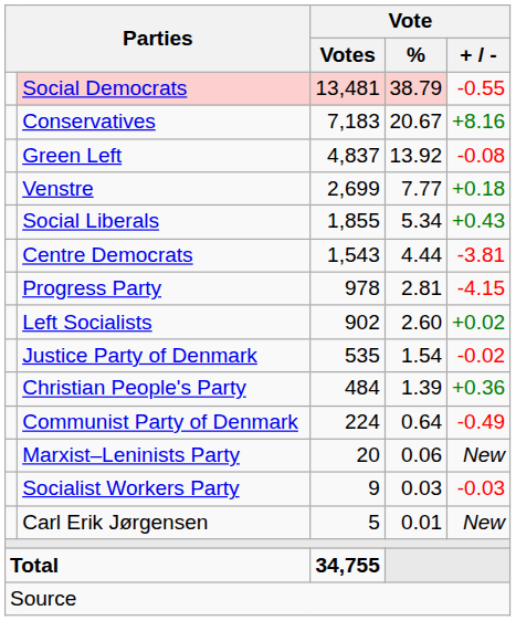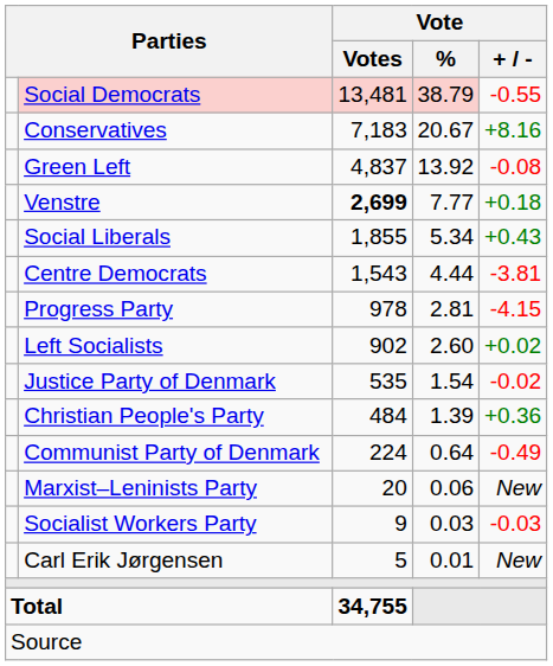 <table class="wikitable" style="text-align:right;">
 <tr>
 <th style="text-align:centre;" rowspan="2" colspan="2" width="225">Parties</th>
 <th colspan="3">Vote</th>
 </tr>
 <tr>
 <th width="15">Votes</th>
 <th width="15">%</th>
 <th width="15">+ / -</th>
 </tr>
 <tr>
 <td width="2" style="color:inherit;background:"></td>
 <td bgcolor=#fbd0ce  align="left"><a href='#'>Social Democrats</a></td>
 <td bgcolor=#fbd0ce>13,481</td>
 <td bgcolor=#fbd0ce>38.79</td>
 <td style=color:red;>-0.55</td>
 </tr>
 <tr>
 <td width="2" style="color:inherit;background:"></td>
 <td align="left"><a href='#'>Conservatives</a></td>
 <td>7,183</td>
 <td>20.67</td>
 <td style=color:green;>+8.16</td>
 </tr>
 <tr>
 <td width="2" style="color:inherit;background:"></td>
 <td align="left"><a href='#'>Green Left</a></td>
 <td>4,837</td>
 <td>13.92</td>
 <td style=color:red;>-0.08</td>
 </tr>
 <tr>
 <td width="2" style="color:inherit;background:"></td>
 <td align="left"><a href='#'>Venstre</a></td>
-<td>2,699</td>
+<td><strong>2,699</strong></td>
 <td>7.77</td>
 <td style=color:green;>+0.18</td>
 </tr>
 <tr>
 <td width="2" style="color:inherit;background:"></td>
 <td align="left"><a href='#'>Social Liberals</a></td>
 <td>1,855</td>
 <td>5.34</td>
 <td style=color:green;>+0.43</td>
 </tr>
 <tr>
 <td width="2" style="color:inherit;background:"></td>
 <td align="left"><a href='#'>Centre Democrats</a></td>
 <td>1,543</td>
 <td>4.44</td>
 <td style=color:red;>-3.81</td>
 </tr>
 <tr>
 <td width="2" style="color:inherit;background:"></td>
 <td align="left"><a href='#'>Progress Party</a></td>
 <td>978</td>
 <td>2.81</td>
 <td style=color:red;>-4.15</td>
 </tr>
 <tr>
 <td width="2" style="color:inherit;background:"></td>
 <td align="left"><a href='#'>Left Socialists</a></td>
 <td>902</td>
 <td>2.60</td>
 <td style=color:green;>+0.02</td>
 </tr>
 <tr>
 <td width="2" style="color:inherit;background:"></td>
 <td align="left"><a href='#'>Justice Party of Denmark</a></td>
 <td>535</td>
 <td>1.54</td>
 <td style=color:red;>-0.02</td>
 </tr>
 <tr>
 <td width="2" style="color:inherit;background:"></td>
 <td align="left"><a href='#'>Christian People's Party</a></td>
 <td>484</td>
 <td>1.39</td>
 <td style=color:green;>+0.36</td>
 </tr>
 <tr>
 <td width="2" style="color:inherit;background:"></td>
 <td align="left"><a href='#'>Communist Party of Denmark</a></td>
 <td>224</td>
 <td>0.64</td>
 <td style=color:red;>-0.49</td>
 </tr>
 <tr>
 <td width="2" style="color:inherit;background:"></td>
 <td align="left"><a href='#'>Marxist–Leninists Party</a></td>
 <td>20</td>
 <td>0.06</td>
 <td><em>New</em></td>
 </tr>
 <tr>
 <td width="2" style="color:inherit;background:"></td>
 <td align="left"><a href='#'>Socialist Workers Party</a></td>
 <td>9</td>
 <td>0.03</td>
 <td style=color:red;>-0.03</td>
 </tr>
 <tr>
 <td width="2" style="color:inherit;background:"></td>
 <td align="left">Carl Erik Jørgensen</td>
 <td>5</td>
 <td>0.01</td>
 <td><em>New</em></td>
 </tr>
 <tr>
 <td colspan="7" bgcolor="#E9E9E9"></td>
 </tr>
 <tr>
 <td align="left" colspan="2"><strong>Total</strong></td>
 <td><strong>34,755</strong></td>
 <td bgcolor="#E9E9E9" colspan="2"></td>
 </tr>
 <tr>
 <td align="left" colspan="6">Source</td>
 </tr>
 </table>
